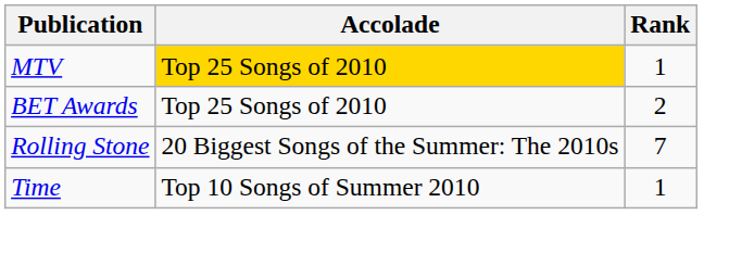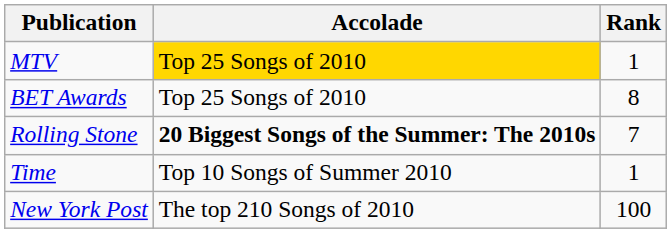 <table class="wikitable plainrowheaders">
 <tr>
 <th>Publication</th>
 <th>Accolade</th>
 <th>Rank</th>
 </tr>
 <tr>
 <td><em><a href='#'>MTV</a></em></td>
 <td style="background: gold;">Top 25 Songs of 2010</td>
 <td style="text-align:center;”">1</td>
 </tr>
 <tr>
 <td><em><a href='#'>BET Awards</a></em></td>
 <td>Top 25 Songs of 2010 </td>
-<td style="text-align:center;”">2</td>
+<td style="text-align:center;”">8</td>
 </tr>
 <tr>
 <td><em><a href='#'>Rolling Stone</a></em></td>
-<td>20 Biggest Songs of the Summer: The 2010s </td>
+<td><strong>20 Biggest Songs of the Summer: The 2010s </strong></td>
 <td style="text-align:center;”">7</td>
 </tr>
 <tr>
 <td><em><a href='#'>Time</a></em></td>
 <td>Top 10 Songs of Summer 2010 </td>
 <td style="text-align:center;”">1</td>
 </tr>
+<tr>
+<td><em><a href='#'>New York Post</a></em></td>
+<td>The top 210 Songs of 2010</td>
+<td style="text-align:center;”">100</td>
+</tr>
 </table>
